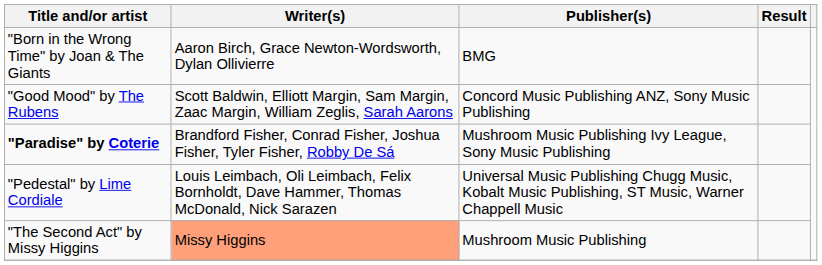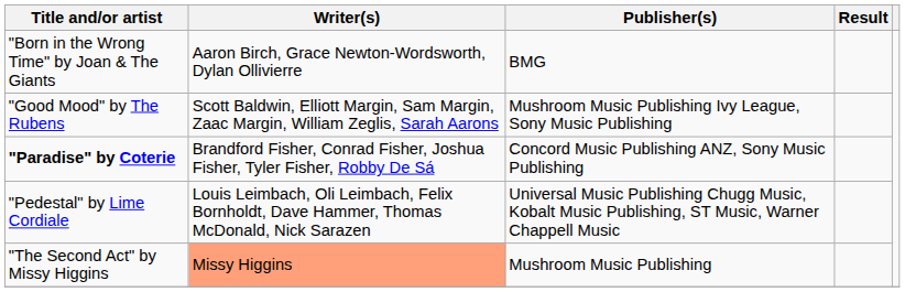 <table class="wikitable" width=100%>
 <tr>
 <th scope="col">Title and/or artist</th>
 <th scope="col">Writer(s)</th>
 <th scope="col">Publisher(s)</th>
 <th scope="col">Result</th>
 <th scope="col"></th>
 </tr>
 <tr>
 <td>"Born in the Wrong Time" by Joan & The Giants</td>
 <td>Aaron Birch, Grace Newton-Wordsworth, Dylan Ollivierre</td>
 <td>BMG</td>
 <td></td>
 <td rowspan="5"></td>
 </tr>
 <tr>
 <td>"Good Mood" by <a href='#'>The Rubens</a></td>
 <td>Scott Baldwin, Elliott Margin, Sam Margin, Zaac Margin, William Zeglis, <a href='#'>Sarah Aarons</a></td>
-<td>Concord Music Publishing ANZ, Sony Music Publishing</td>
+<td>Mushroom Music Publishing  Ivy League, Sony Music Publishing</td>
 <td></td>
 </tr>
 <tr>
 <td><strong>"Paradise" by <a href='#'>Coterie</a></strong></td>
 <td>Brandford Fisher, Conrad Fisher, Joshua Fisher, Tyler Fisher, <a href='#'>Robby De Sá</a></td>
-<td>Mushroom Music Publishing  Ivy League, Sony Music Publishing</td>
+<td>Concord Music Publishing ANZ, Sony Music Publishing</td>
 <td></td>
 </tr>
 <tr>
 <td>"Pedestal" by <a href='#'>Lime Cordiale</a></td>
 <td>Louis Leimbach, Oli Leimbach, Felix Bornholdt, Dave Hammer, Thomas McDonald,  Nick Sarazen</td>
 <td>Universal Music Publishing  Chugg Music, Kobalt Music Publishing, ST Music, Warner Chappell Music</td>
 <td></td>
 </tr>
 <tr>
 <td>"The Second Act" by Missy Higgins</td>
 <td style="background: lightsalmon;">Missy Higgins</td>
 <td>Mushroom Music Publishing</td>
 <td></td>
 </tr>
 <tr>
 </tr>
 </table>
